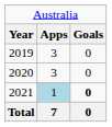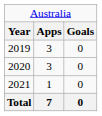 <table class="wikitable" style="text-align:center">
 <tr>
 <td colspan="3"><a href='#'>Australia</a></td>
 </tr>
 <tr>
 <th>Year</th>
 <th>Apps</th>
 <th>Goals</th>
 </tr>
 <tr>
 <td>2019</td>
 <td>3</td>
 <td>0</td>
 </tr>
 <tr>
 <td>2020</td>
 <td>3</td>
 <td>0</td>
 </tr>
 <tr>
 <td>2021</td>
-<td style="background: lightblue;">1</td>
-<td><strong>0</strong></td>
+<td>1</td>
+<td>0</td>
 </tr>
 <tr>
 <th>Total</th>
 <th>7</th>
 <th>0</th>
 </tr>
 </table>
